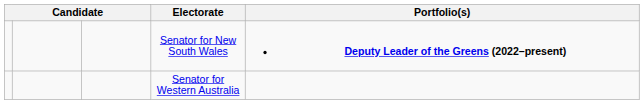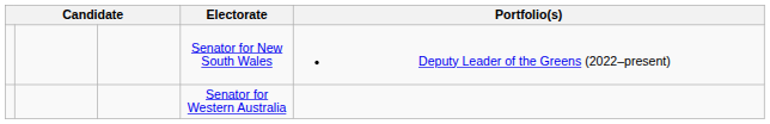 <table class="wikitable" style="text-align:center">
 <tr>
 <th width=215px; colspan=3>Candidate</th>
 <th width=135px>Electorate</th>
 <th width=590px>Portfolio(s)</th>
 </tr>
 <tr>
 <td width="3pt" > </td>
 <td></td>
 <td></td>
 <td><a href='#'>Senator for New South Wales</a></td>
-<td><strong><br><ul><li><a href='#'>Deputy Leader of the Greens</a> (2022–present)</li></ul></strong></td>
+<td><br><ul><li><a href='#'>Deputy Leader of the Greens</a> (2022–present)</li></ul></td>
 </tr>
 <tr>
 <td width="3pt" > </td>
 <td></td>
 <td></td>
 <td><a href='#'>Senator for Western Australia</a></td>
 </tr>
 </table>
